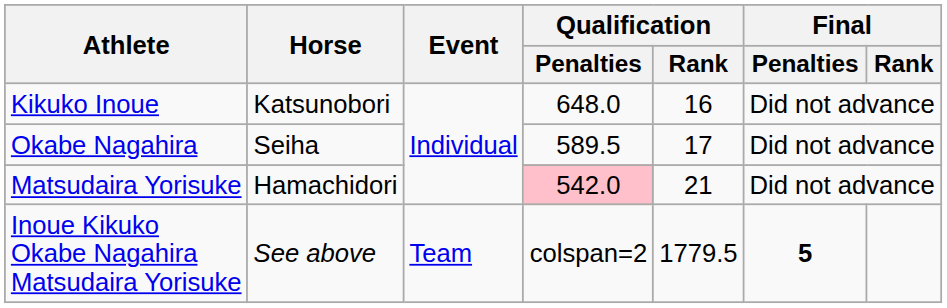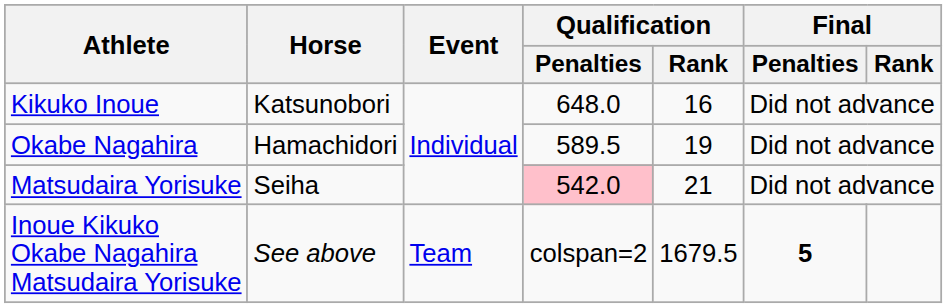 <table class="wikitable" style="font-size:90%">
 <tr>
 <th rowspan="2">Athlete</th>
 <th rowspan="2">Horse</th>
 <th rowspan="2">Event</th>
 <th colspan="2">Qualification</th>
 <th colspan="2">Final</th>
 </tr>
 <tr style="font-size:95%">
 <th>Penalties</th>
 <th>Rank</th>
 <th>Penalties</th>
 <th>Rank</th>
 </tr>
 <tr align=center>
 <td align=left><a href='#'>Kikuko Inoue</a></td>
 <td align=left>Katsunobori</td>
 <td align=left rowspan=3><a href='#'>Individual</a></td>
 <td>648.0</td>
 <td>16</td>
 <td colspan=2>Did not advance</td>
 </tr>
 <tr align=center>
 <td align=left><a href='#'>Okabe Nagahira</a></td>
-<td align=left>Seiha</td>
+<td align=left>Hamachidori</td>
 <td>589.5</td>
-<td>17</td>
+<td>19</td>
 <td colspan=2>Did not advance</td>
 </tr>
 <tr align=center>
 <td align=left><a href='#'>Matsudaira Yorisuke</a></td>
-<td align=left>Hamachidori</td>
+<td align=left>Seiha</td>
 <td style="background: pink;">542.0</td>
 <td>21</td>
 <td colspan=2>Did not advance</td>
 </tr>
 <tr align=center>
 <td align=left><a href='#'>Inoue Kikuko</a><br><a href='#'>Okabe Nagahira</a><br><a href='#'>Matsudaira Yorisuke</a></td>
 <td align=left><em>See above</em></td>
 <td align=left><a href='#'>Team</a></td>
 <td>colspan=2 </td>
-<td>1779.5</td>
+<td>1679.5</td>
 <td><strong>5</strong></td>
 </tr>
 </table>
